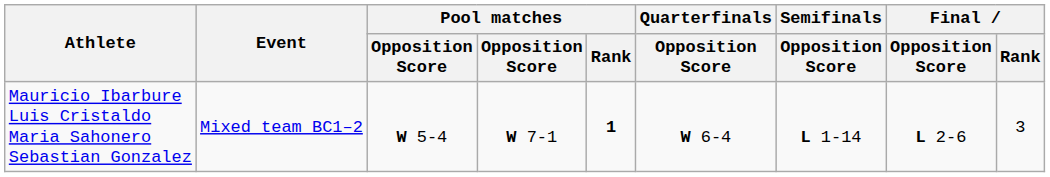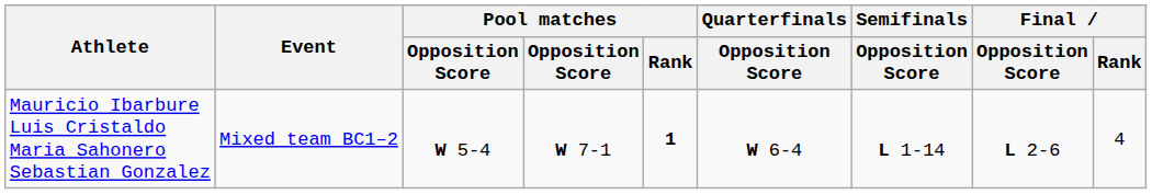 <table class=wikitable style="font-size:90%">
 <tr>
 <th rowspan="2">Athlete</th>
 <th rowspan="2">Event</th>
 <th colspan="3">Pool matches</th>
 <th>Quarterfinals</th>
 <th>Semifinals</th>
 <th colspan=2>Final / </th>
 </tr>
 <tr>
 <th>Opposition<br>Score</th>
 <th>Opposition<br>Score</th>
 <th>Rank</th>
 <th>Opposition<br>Score</th>
 <th>Opposition<br>Score</th>
 <th>Opposition<br>Score</th>
 <th>Rank</th>
 </tr>
 <tr>
 <td><a href='#'>Mauricio Ibarbure</a><br><a href='#'>Luis Cristaldo</a><br><a href='#'>Maria Sahonero</a><br><a href='#'>Sebastian Gonzalez</a></td>
 <td><a href='#'>Mixed team BC1–2</a></td>
 <td align="center"> <br> <strong>W</strong> 5-4</td>
 <td align="center"> <br> <strong>W</strong> 7-1</td>
 <td align="center"><strong>1</strong></td>
 <td align="center"> <br> <strong>W</strong> 6-4</td>
 <td align="center"><br> <strong>L</strong> 1-14</td>
 <td align="center"><br> <strong>L</strong> 2-6</td>
-<td align="center">3</td>
+<td align="center">4</td>
 </tr>
 </table>
